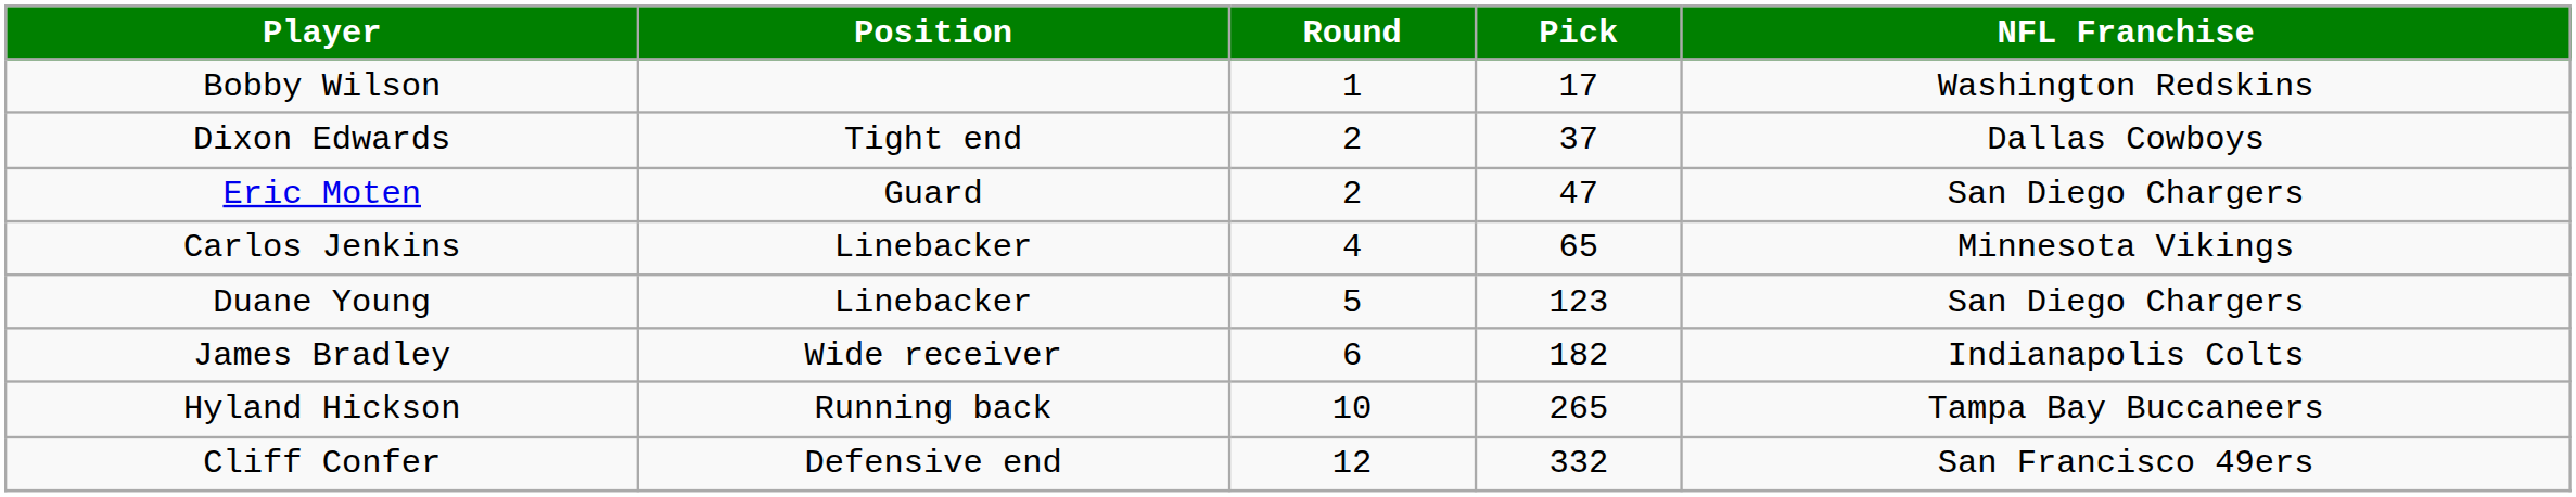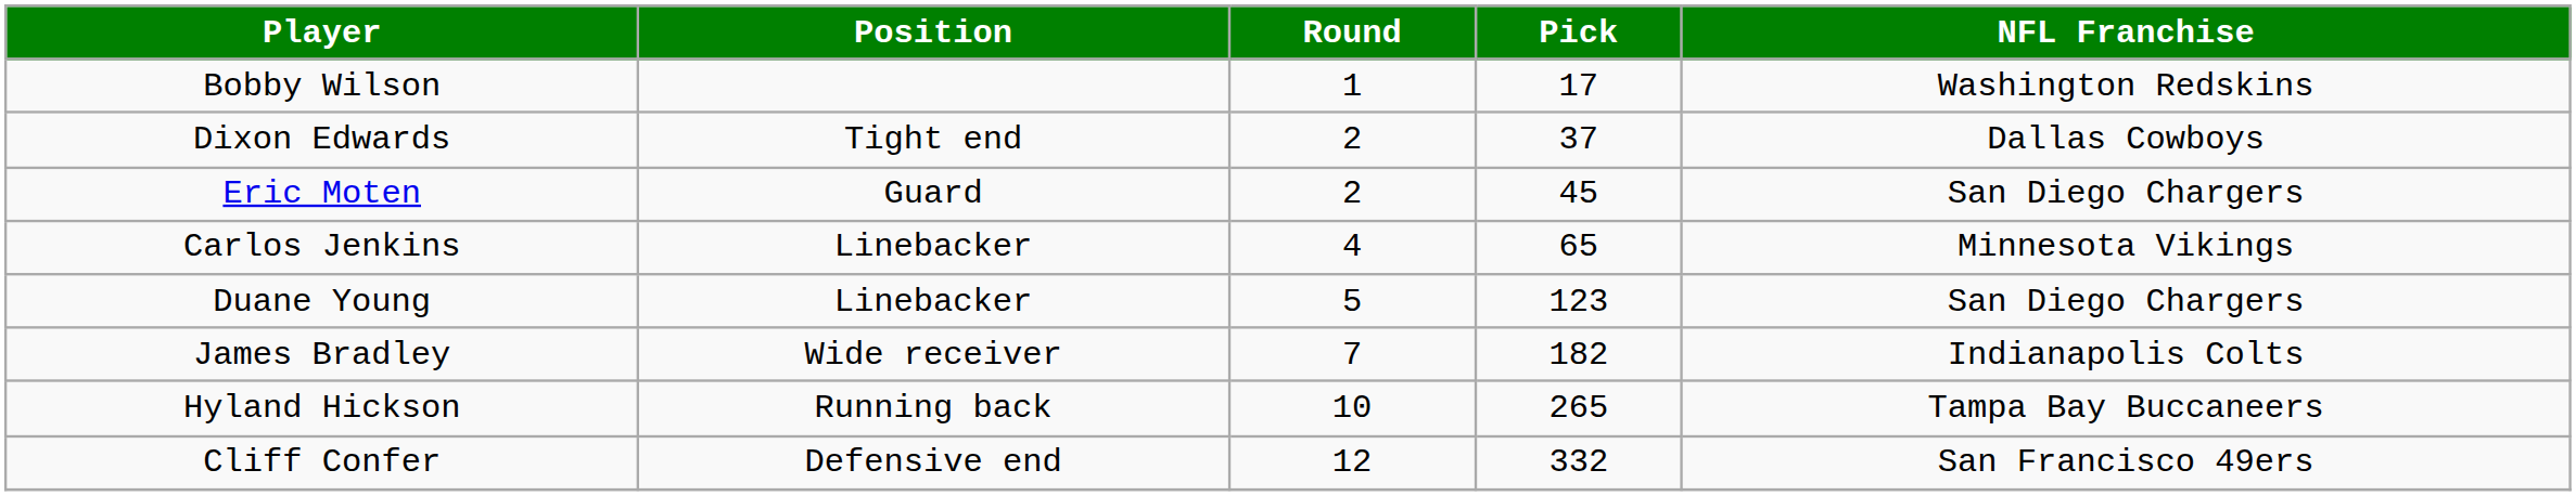 <table class="wikitable" width="80%">
 <tr align="center"  style="background:green;color:white;">
 <td><strong>Player</strong></td>
 <td><strong>Position</strong></td>
 <td><strong>Round</strong></td>
 <td><strong>Pick</strong></td>
 <td><strong>NFL Franchise</strong></td>
 </tr>
 <tr align="center" bgcolor="">
 <td>Bobby Wilson</td>
 <td></td>
 <td>1</td>
 <td>17</td>
 <td>Washington Redskins</td>
 </tr>
 <tr align="center" bgcolor="">
 <td>Dixon Edwards</td>
 <td>Tight end</td>
 <td>2</td>
 <td>37</td>
 <td>Dallas Cowboys</td>
 </tr>
 <tr align="center" bgcolor="">
 <td><a href='#'>Eric Moten</a></td>
 <td>Guard</td>
 <td>2</td>
-<td>47</td>
+<td>45</td>
 <td>San Diego Chargers</td>
 </tr>
 <tr align="center" bgcolor="">
 <td>Carlos Jenkins</td>
 <td>Linebacker</td>
 <td>4</td>
 <td>65</td>
 <td>Minnesota Vikings</td>
 </tr>
 <tr align="center" bgcolor="">
 <td>Duane Young</td>
 <td>Linebacker</td>
 <td>5</td>
 <td>123</td>
 <td>San Diego Chargers</td>
 </tr>
 <tr align="center">
 <td>James Bradley</td>
 <td>Wide receiver</td>
-<td>6</td>
+<td>7</td>
 <td>182</td>
 <td>Indianapolis Colts</td>
 </tr>
 <tr align="center" bgcolor="">
 <td>Hyland Hickson</td>
 <td>Running back</td>
 <td>10</td>
 <td>265</td>
 <td>Tampa Bay Buccaneers</td>
 </tr>
 <tr align="center" bgcolor="">
 <td>Cliff Confer</td>
 <td>Defensive end</td>
 <td>12</td>
 <td>332</td>
 <td>San Francisco 49ers</td>
 </tr>
 <tr align="center" bgcolor="">
 </tr>
 </table>
